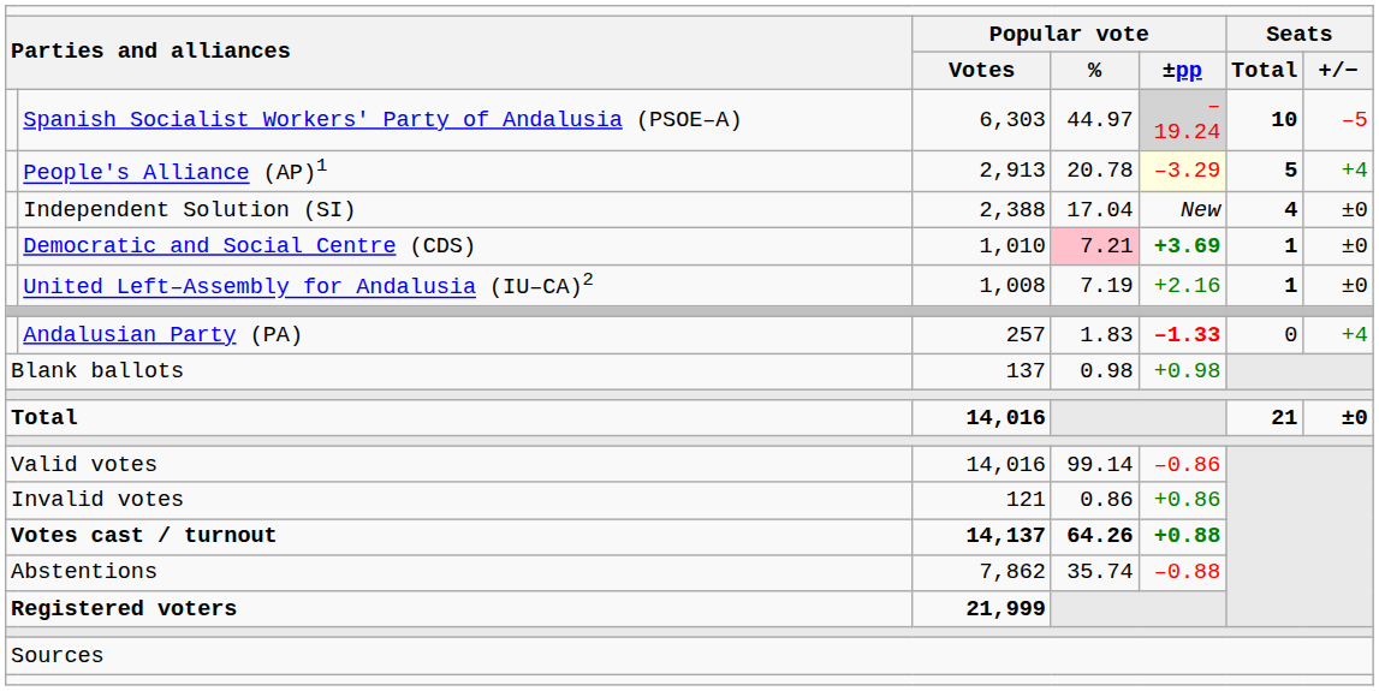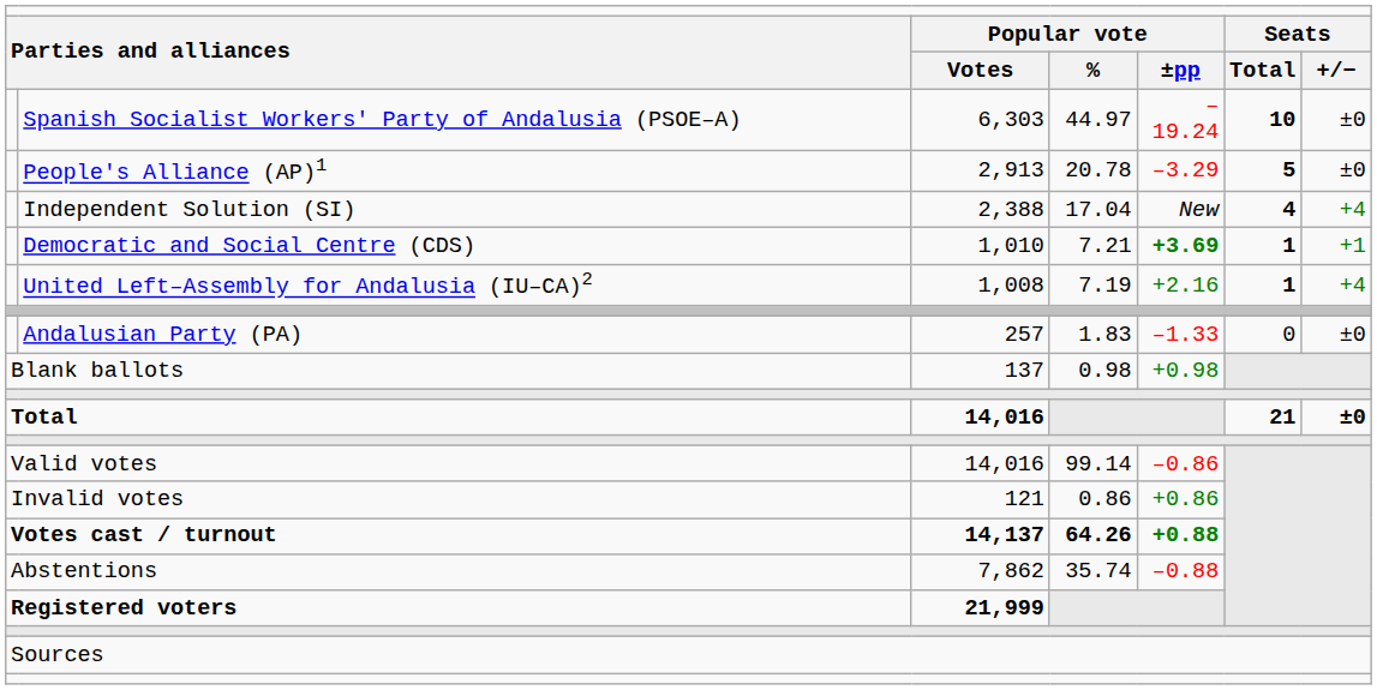 <table class="wikitable" style="text-align:right;">
 <tr>
 <td colspan="7"></td>
 </tr>
 <tr>
 <th style="text-align:left;" rowspan="2" colspan="2" width="525">Parties and alliances</th>
 <th colspan="3">Popular vote</th>
 <th colspan="2">Seats</th>
 </tr>
 <tr>
 <th width="75">Votes</th>
 <th width="45">%</th>
 <th width="45">±<a href='#'>pp</a></th>
 <th width="35">Total</th>
 <th width="35">+/−</th>
 </tr>
 <tr>
 <td width="1" style="color:inherit;background:"></td>
 <td align="left"><a href='#'>Spanish Socialist Workers' Party of Andalusia</a> (PSOE–A)</td>
 <td>6,303</td>
 <td>44.97</td>
-<td style="background: lightgrey; color:red;">–19.24</td>
+<td style="color:red;">–19.24</td>
 <td><strong>10</strong></td>
-<td style="color:red;">–5</td>
+<td>±0</td>
 </tr>
 <tr>
 <td style="color:inherit;background:"></td>
 <td align="left"><a href='#'>People's Alliance</a> (AP)<sup>1</sup></td>
 <td>2,913</td>
 <td>20.78</td>
-<td style="background: lightyellow; color:red;">–3.29</td>
+<td style="color:red;">–3.29</td>
 <td><strong>5</strong></td>
-<td style="color:green;">+4</td>
+<td>±0</td>
 </tr>
 <tr>
 <td style="color:inherit;background:"></td>
 <td align="left">Independent Solution (SI)</td>
 <td>2,388</td>
 <td>17.04</td>
 <td><em>New</em></td>
 <td><strong>4</strong></td>
-<td>±0</td>
+<td style="color:green;">+4</td>
 </tr>
 <tr>
 <td style="color:inherit;background:"></td>
 <td align="left"><a href='#'>Democratic and Social Centre</a> (CDS)</td>
 <td>1,010</td>
-<td style="background: pink;">7.21</td>
+<td>7.21</td>
 <td style="color:green;"><strong>+3.69</strong></td>
 <td><strong>1</strong></td>
-<td>±0</td>
+<td style="color:green;">+1</td>
 </tr>
 <tr>
 <td style="color:inherit;background:"></td>
 <td align="left"><a href='#'>United Left–Assembly for Andalusia</a> (IU–CA)<sup>2</sup></td>
 <td>1,008</td>
 <td>7.19</td>
 <td style="color:green;">+2.16</td>
 <td><strong>1</strong></td>
-<td>±0</td>
+<td style="color:green;">+4</td>
 </tr>
 <tr>
 <td colspan="7" bgcolor="#C0C0C0"></td>
 </tr>
 <tr>
 <td style="color:inherit;background:"></td>
 <td align="left"><a href='#'>Andalusian Party</a> (PA)</td>
 <td>257</td>
 <td>1.83</td>
-<td style="color:red;"><strong>–1.33</strong></td>
+<td style="color:red;">–1.33</td>
 <td>0</td>
-<td style="color:green;">+4</td>
+<td>±0</td>
 </tr>
 <tr>
 <td align="left" colspan="2">Blank ballots</td>
 <td>137</td>
 <td>0.98</td>
 <td style="color:green;">+0.98</td>
 <td bgcolor="#E9E9E9" colspan="2"></td>
 </tr>
 <tr>
 <td colspan="7" bgcolor="#E9E9E9"></td>
 </tr>
 <tr style="font-weight:bold;">
 <td align="left" colspan="2">Total</td>
 <td>14,016</td>
 <td bgcolor="#E9E9E9" colspan="2"></td>
 <td>21</td>
 <td>±0</td>
 </tr>
 <tr>
 <td colspan="7" bgcolor="#E9E9E9"></td>
 </tr>
 <tr>
 <td align="left" colspan="2">Valid votes</td>
 <td>14,016</td>
 <td>99.14</td>
 <td style="color:red;">–0.86</td>
 <td bgcolor="#E9E9E9" colspan="2" rowspan="5"></td>
 </tr>
 <tr>
 <td align="left" colspan="2">Invalid votes</td>
 <td>121</td>
 <td>0.86</td>
 <td style="color:green;">+0.86</td>
 </tr>
 <tr style="font-weight:bold;">
 <td align="left" colspan="2">Votes cast / turnout</td>
 <td>14,137</td>
 <td>64.26</td>
 <td style="color:green;">+0.88</td>
 </tr>
 <tr>
 <td align="left" colspan="2">Abstentions</td>
 <td>7,862</td>
 <td>35.74</td>
 <td style="color:red;">–0.88</td>
 </tr>
 <tr style="font-weight:bold;">
 <td align="left" colspan="2">Registered voters</td>
 <td>21,999</td>
 <td bgcolor="#E9E9E9" colspan="2"></td>
 </tr>
 <tr>
 <td colspan="7" bgcolor="#E9E9E9"></td>
 </tr>
 <tr>
 <td align="left" colspan="7">Sources</td>
 </tr>
 <tr>
 <td colspan="7" style="text-align:left; max-width:790px;"></td>
 </tr>
 </table>
